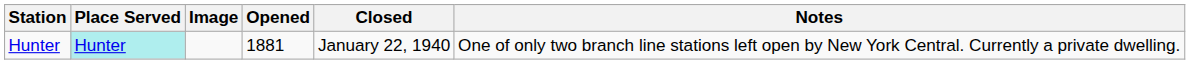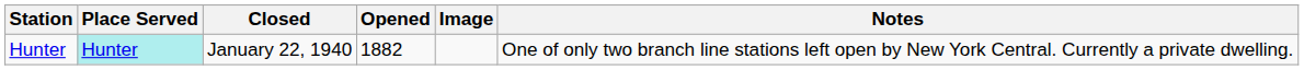 <table class="wikitable">
 <tr>
 <th>Station</th>
 <th>Place Served</th>
+<th>Closed</th>
+<th>Opened</th>
 <th>Image</th>
-<th>Opened</th>
-<th>Closed</th>
 <th>Notes</th>
 </tr>
 <tr>
 <td><a href='#'>Hunter</a></td>
 <td style="background: paleturquoise;"><a href='#'>Hunter</a></td>
+<td>January 22, 1940</td>
+<td>1882</td>
 <td></td>
-<td>1881</td>
-<td>January 22, 1940</td>
 <td>One of only two branch line stations left open by New York Central. Currently a private dwelling.</td>
 </tr>
 </table>
